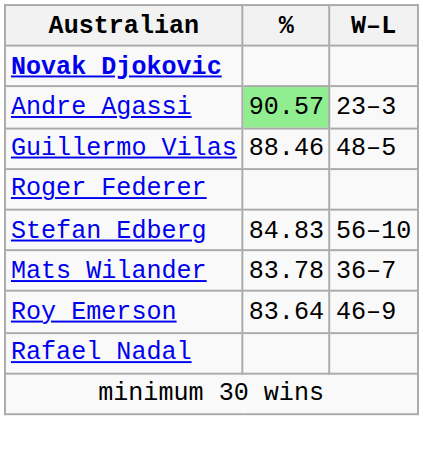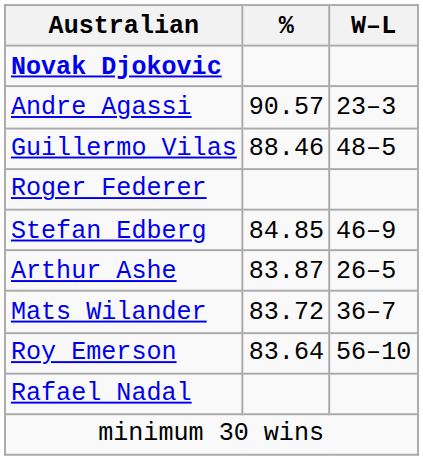 <table class=wikitable style="display:inline-table;">
 <tr>
 <th>Australian</th>
 <th>%</th>
 <th>W–L</th>
 </tr>
 <tr>
 <td> <strong><a href='#'>Novak Djokovic</a></strong></td>
 <td></td>
 </tr>
 <tr>
 <td> <a href='#'>Andre Agassi</a></td>
-<td style="background: lightgreen;">90.57</td>
+<td>90.57</td>
 <td>23–3</td>
 </tr>
 <tr>
 <td> <a href='#'>Guillermo Vilas</a></td>
 <td>88.46</td>
 <td>48–5</td>
 </tr>
 <tr>
 <td> <a href='#'>Roger Federer</a></td>
 <td></td>
 </tr>
 <tr>
 <td> <a href='#'>Stefan Edberg</a></td>
-<td>84.83</td>
-<td>56–10</td>
+<td>84.85</td>
+<td>46–9</td>
+</tr>
+<tr>
+<td> <a href='#'>Arthur Ashe</a></td>
+<td>83.87</td>
+<td>26–5</td>
 </tr>
 <tr>
 <td> <a href='#'>Mats Wilander</a></td>
-<td>83.78</td>
+<td>83.72</td>
 <td>36–7</td>
 </tr>
 <tr>
 <td> <a href='#'>Roy Emerson</a></td>
 <td>83.64</td>
-<td>46–9</td>
+<td>56–10</td>
 </tr>
 <tr>
 <td> <a href='#'>Rafael Nadal</a></td>
 <td></td>
 </tr>
 <tr>
 <td colspan="3" style="text-align:center;">minimum 30 wins</td>
 </tr>
 </table>
